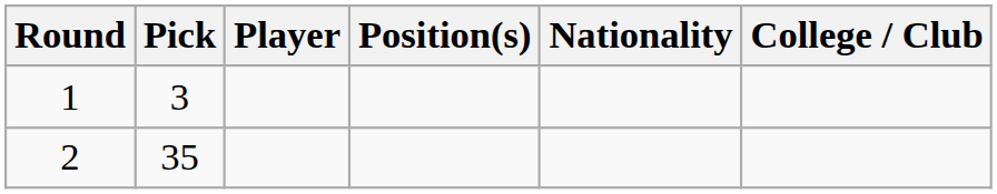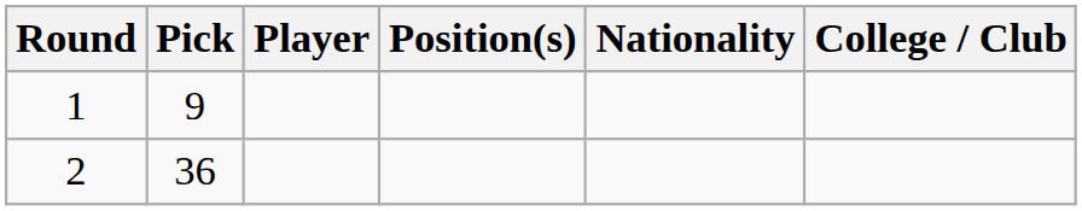 <table class="wikitable sortable sortable">
 <tr>
 <th>Round</th>
 <th>Pick</th>
 <th>Player</th>
 <th>Position(s)</th>
 <th>Nationality</th>
 <th>College / Club</th>
 </tr>
 <tr style="text-align: center">
 <td>1</td>
-<td>3</td>
+<td>9</td>
 <td></td>
 <td></td>
 <td></td>
 <td></td>
 </tr>
 <tr style="text-align: center">
 <td>2</td>
-<td>35</td>
+<td>36</td>
 <td></td>
 <td></td>
 <td></td>
 <td></td>
 </tr>
 </table>
